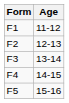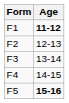 <table class="wikitable">
 <tr>
 <th>Form</th>
 <th>Age</th>
 </tr>
 <tr>
 <td>F1</td>
-<td>11-12</td>
+<td><strong>11-12</strong></td>
 </tr>
 <tr>
 <td>F2</td>
 <td>12-13</td>
 </tr>
 <tr>
 <td>F3</td>
 <td>13-14</td>
 </tr>
 <tr>
 <td>F4</td>
 <td>14-15</td>
 </tr>
 <tr>
 <td>F5</td>
-<td>15-16</td>
+<td><strong>15-16</strong></td>
 </tr>
 </table>
